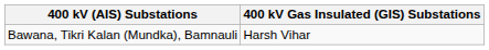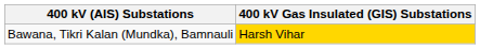 <table class="wikitable">
 <tr>
 <th>400 kV (AIS) Substations</th>
 <th>400 kV Gas Insulated (GIS) Substations</th>
 </tr>
 <tr>
 <td>Bawana, Tikri Kalan (Mundka), Bamnauli</td>
-<td>Harsh Vihar</td>
+<td style="background: gold;">Harsh Vihar</td>
 </tr>
 </table>
